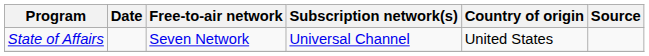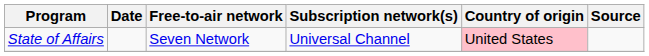 <table class="wikitable plainrowheaders sortable" style="text-align:left">
 <tr>
 <th scope="col">Program</th>
 <th scope="col">Date</th>
 <th scope="col">Free-to-air network</th>
 <th scope="col">Subscription network(s)</th>
 <th scope="col">Country of origin</th>
 <th scope="col" class="unsortable">Source</th>
 </tr>
 <tr>
 <td><em><a href='#'>State of Affairs</a></em></td>
 <td></td>
 <td><a href='#'>Seven Network</a></td>
 <td><a href='#'>Universal Channel</a></td>
-<td>United States</td>
+<td style="background: pink;">United States</td>
 <td></td>
 </tr>
 <tr>
 </tr>
 </table>
